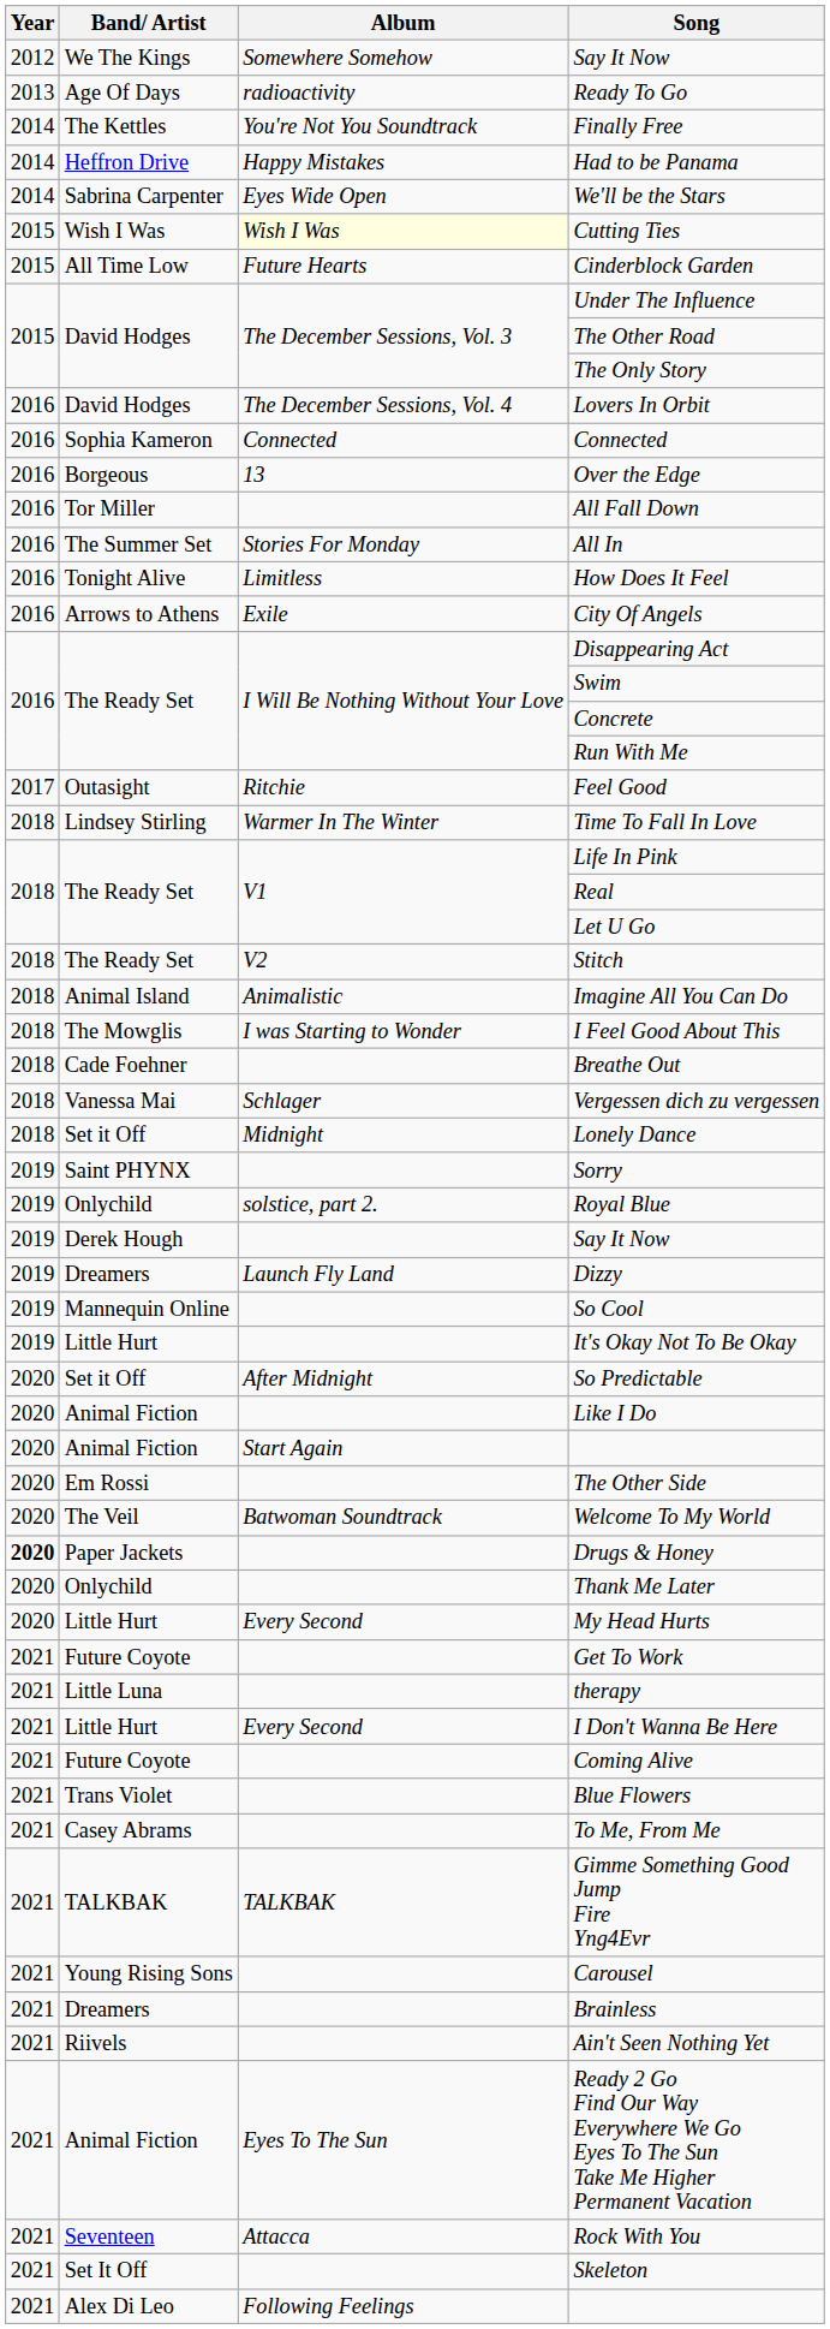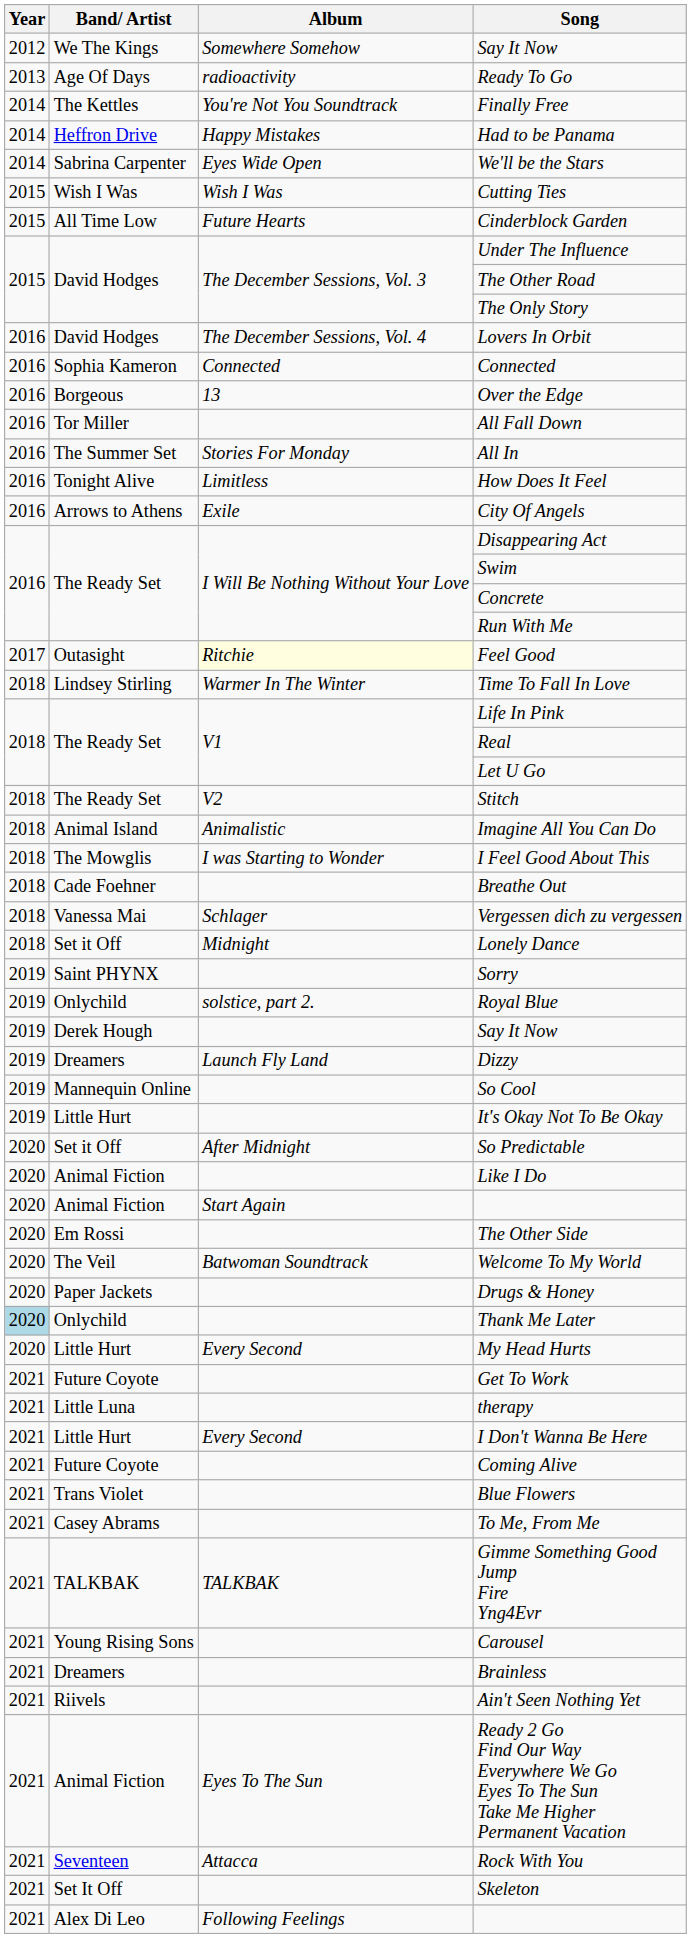 <table class="wikitable">
 <tr>
 <th>Year</th>
 <th>Band/ Artist</th>
 <th>Album</th>
 <th>Song</th>
 </tr>
 <tr>
 <td>2012</td>
 <td>We The Kings</td>
 <td><em>Somewhere Somehow</em></td>
 <td><em>Say It Now</em></td>
 </tr>
 <tr>
 <td>2013</td>
 <td>Age Of Days</td>
 <td><em>radioactivity</em></td>
 <td><em>Ready To Go</em></td>
 </tr>
 <tr>
 <td>2014</td>
 <td>The Kettles</td>
 <td><em>You're Not You Soundtrack</em></td>
 <td><em>Finally Free</em></td>
 </tr>
 <tr>
 <td>2014</td>
 <td><a href='#'>Heffron Drive</a></td>
 <td><em>Happy Mistakes</em></td>
 <td><em>Had to be Panama</em></td>
 </tr>
 <tr>
 <td>2014</td>
 <td>Sabrina Carpenter</td>
 <td><em>Eyes Wide Open</em></td>
 <td><em>We'll be the Stars</em></td>
 </tr>
 <tr>
 <td>2015</td>
 <td>Wish I Was</td>
-<td style="background: lightyellow;"><em>Wish I Was</em></td>
+<td><em>Wish I Was</em></td>
 <td><em>Cutting Ties</em></td>
 </tr>
 <tr>
 <td>2015</td>
 <td>All Time Low</td>
 <td><em>Future Hearts</em></td>
 <td><em>Cinderblock Garden</em></td>
 </tr>
 <tr>
 <td rowspan="3">2015</td>
 <td rowspan="3">David Hodges</td>
 <td rowspan="3"><em>The December Sessions, Vol. 3</em></td>
 <td><em>Under The Influence</em></td>
 </tr>
 <tr>
 <td><em>The Other Road</em></td>
 </tr>
 <tr>
 <td><em>The Only Story</em></td>
 </tr>
 <tr>
 <td>2016</td>
 <td>David Hodges</td>
 <td><em>The December Sessions, Vol. 4</em></td>
 <td><em>Lovers In Orbit</em></td>
 </tr>
 <tr>
 <td>2016</td>
 <td>Sophia Kameron</td>
 <td><em>Connected</em></td>
 <td><em>Connected</em></td>
 </tr>
 <tr>
 <td>2016</td>
 <td>Borgeous</td>
 <td><em>13</em></td>
 <td><em>Over the Edge</em></td>
 </tr>
 <tr>
 <td>2016</td>
 <td>Tor Miller</td>
 <td></td>
 <td><em>All Fall Down</em></td>
 </tr>
 <tr>
 <td>2016</td>
 <td>The Summer Set</td>
 <td><em>Stories For Monday</em></td>
 <td><em>All In</em></td>
 </tr>
 <tr>
 <td>2016</td>
 <td>Tonight Alive</td>
 <td><em>Limitless</em></td>
 <td><em>How Does It Feel</em></td>
 </tr>
 <tr>
 <td>2016</td>
 <td>Arrows to Athens</td>
 <td><em>Exile</em></td>
 <td><em>City Of Angels</em></td>
 </tr>
 <tr>
 <td rowspan="4">2016</td>
 <td rowspan="4">The Ready Set</td>
 <td rowspan="4"><em>I Will Be Nothing Without Your Love</em></td>
 <td><em>Disappearing Act</em></td>
 </tr>
 <tr>
 <td><em>Swim</em></td>
 </tr>
 <tr>
 <td><em>Concrete</em></td>
 </tr>
 <tr>
 <td><em>Run With Me</em></td>
 </tr>
 <tr>
 <td>2017</td>
 <td>Outasight</td>
-<td><em>Ritchie</em></td>
+<td style="background: lightyellow;"><em>Ritchie</em></td>
 <td><em>Feel Good</em></td>
 </tr>
 <tr>
 <td>2018</td>
 <td>Lindsey Stirling</td>
 <td><em>Warmer In The Winter</em></td>
 <td><em>Time To Fall In Love</em></td>
 </tr>
 <tr>
 <td rowspan="3">2018</td>
 <td rowspan="3">The Ready Set</td>
 <td rowspan="3"><em>V1</em></td>
 <td><em>Life In Pink</em></td>
 </tr>
 <tr>
 <td><em>Real</em></td>
 </tr>
 <tr>
 <td><em>Let U Go</em></td>
 </tr>
 <tr>
 <td rowspan="1">2018</td>
 <td rowspan="1">The Ready Set</td>
 <td rowspan="1"><em>V2</em></td>
 <td><em>Stitch</em></td>
 </tr>
 <tr>
 <td>2018</td>
 <td>Animal Island</td>
 <td><em>Animalistic</em></td>
 <td><em>Imagine All You Can Do</em></td>
 </tr>
 <tr>
 <td>2018</td>
 <td>The Mowglis</td>
 <td><em>I was Starting to Wonder</em></td>
 <td><em>I Feel Good About This</em></td>
 </tr>
 <tr>
 <td>2018</td>
 <td>Cade Foehner</td>
 <td></td>
 <td><em>Breathe Out</em></td>
 </tr>
 <tr>
 <td>2018</td>
 <td>Vanessa Mai</td>
 <td><em>Schlager</em></td>
 <td><em>Vergessen dich zu vergessen</em></td>
 </tr>
 <tr>
 <td>2018</td>
 <td>Set it Off</td>
 <td><em>Midnight</em></td>
 <td><em>Lonely Dance</em></td>
 </tr>
 <tr>
 <td>2019</td>
 <td>Saint PHYNX</td>
 <td></td>
 <td><em>Sorry</em></td>
 </tr>
 <tr>
 <td>2019</td>
 <td>Onlychild</td>
 <td><em>solstice, part 2.</em></td>
 <td><em>Royal Blue</em></td>
 </tr>
 <tr>
 <td>2019</td>
 <td>Derek Hough</td>
 <td></td>
 <td><em>Say It Now</em></td>
 </tr>
 <tr>
 <td>2019</td>
 <td>Dreamers</td>
 <td><em>Launch Fly Land</em></td>
 <td><em>Dizzy</em></td>
 </tr>
 <tr>
 <td>2019</td>
 <td>Mannequin Online</td>
 <td></td>
 <td><em>So Cool</em></td>
 </tr>
 <tr>
 <td>2019</td>
 <td>Little Hurt</td>
 <td></td>
 <td><em>It's Okay Not To Be Okay</em></td>
 </tr>
 <tr>
 <td>2020</td>
 <td>Set it Off</td>
 <td><em>After Midnight</em></td>
 <td><em>So Predictable</em></td>
 </tr>
 <tr>
 <td>2020</td>
 <td>Animal Fiction</td>
 <td></td>
 <td><em>Like I Do</em></td>
 </tr>
 <tr>
 <td>2020</td>
 <td>Animal Fiction</td>
 <td><em>Start Again</em></td>
 <td></td>
 </tr>
 <tr>
 <td>2020</td>
 <td>Em Rossi</td>
 <td></td>
 <td><em>The Other Side</em></td>
 </tr>
 <tr>
 <td>2020</td>
 <td>The Veil</td>
 <td><em>Batwoman Soundtrack</em></td>
 <td><em>Welcome To My World</em></td>
 </tr>
 <tr>
-<td><strong>2020</strong></td>
+<td>2020</td>
 <td>Paper Jackets</td>
 <td></td>
 <td><em>Drugs & Honey</em></td>
 </tr>
 <tr>
-<td>2020</td>
+<td style="background: lightblue;">2020</td>
 <td>Onlychild</td>
 <td></td>
 <td><em>Thank Me Later</em></td>
 </tr>
 <tr>
 <td>2020</td>
 <td>Little Hurt</td>
 <td><em>Every Second</em></td>
 <td><em>My Head Hurts</em></td>
 </tr>
 <tr>
 <td>2021</td>
 <td>Future Coyote</td>
 <td></td>
 <td><em>Get To Work</em></td>
 </tr>
 <tr>
 <td>2021</td>
 <td>Little Luna</td>
 <td></td>
 <td><em>therapy</em></td>
 </tr>
 <tr>
 <td>2021</td>
 <td>Little Hurt</td>
 <td><em>Every Second</em></td>
 <td><em>I Don't Wanna Be Here</em></td>
 </tr>
 <tr>
 <td>2021</td>
 <td>Future Coyote</td>
 <td></td>
 <td><em>Coming Alive</em></td>
 </tr>
 <tr>
 <td>2021</td>
 <td>Trans Violet</td>
 <td></td>
 <td><em>Blue Flowers</em></td>
 </tr>
 <tr>
 <td>2021</td>
 <td>Casey Abrams</td>
 <td></td>
 <td><em>To Me, From Me</em></td>
 </tr>
 <tr>
 <td>2021</td>
 <td>TALKBAK</td>
 <td><em>TALKBAK</em></td>
 <td><em>Gimme Something Good</em><br><em>Jump</em><br><em>Fire</em><br><em>Yng4Evr</em></td>
 </tr>
 <tr>
 <td>2021</td>
 <td>Young Rising Sons</td>
 <td></td>
 <td><em>Carousel</em></td>
 </tr>
 <tr>
 <td>2021</td>
 <td>Dreamers</td>
 <td></td>
 <td><em>Brainless</em></td>
 </tr>
 <tr>
 <td>2021</td>
 <td>Riivels</td>
 <td></td>
 <td><em>Ain't Seen Nothing Yet</em></td>
 </tr>
 <tr>
 <td>2021</td>
 <td>Animal Fiction</td>
 <td><em>Eyes To The Sun</em></td>
 <td><em>Ready 2 Go</em><br><em>Find Our Way</em><br><em>Everywhere We Go</em><br><em>Eyes To The Sun</em><br><em>Take Me Higher</em><br><em>Permanent Vacation</em></td>
 </tr>
 <tr>
 <td>2021</td>
 <td><a href='#'>Seventeen</a></td>
 <td><em>Attacca</em></td>
 <td><em>Rock With You</em></td>
 </tr>
 <tr>
 <td>2021</td>
 <td>Set It Off</td>
 <td></td>
 <td><em>Skeleton</em></td>
 </tr>
 <tr>
 <td>2021</td>
 <td>Alex Di Leo</td>
 <td><em>Following Feelings</em></td>
 <td></td>
 </tr>
 </table>
